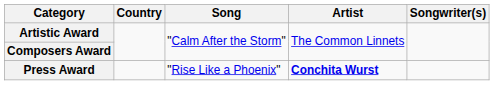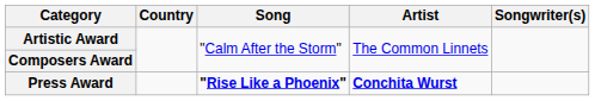 <table class="wikitable plainrowheaders">
 <tr>
 <th scope="col">Category</th>
 <th scope="col">Country</th>
 <th scope="col">Song</th>
 <th scope="col">Artist</th>
 <th scope="col">Songwriter(s)</th>
 </tr>
 <tr>
 <th scope="row">Artistic Award</th>
 <td rowspan="2"></td>
 <td rowspan="2">"<a href='#'>Calm After the Storm</a>"</td>
 <td rowspan="2"><a href='#'>The Common Linnets</a></td>
 <td rowspan="2"></td>
 </tr>
 <tr>
 <th scope="row">Composers Award</th>
 </tr>
 <tr>
 <th scope="row">Press Award</th>
 <td></td>
-<td>"<a href='#'>Rise Like a Phoenix</a>"</td>
+<td><strong>"<a href='#'>Rise Like a Phoenix</a>"</strong></td>
 <td><strong><a href='#'>Conchita Wurst</a></strong></td>
 <td></td>
 </tr>
 </table>
